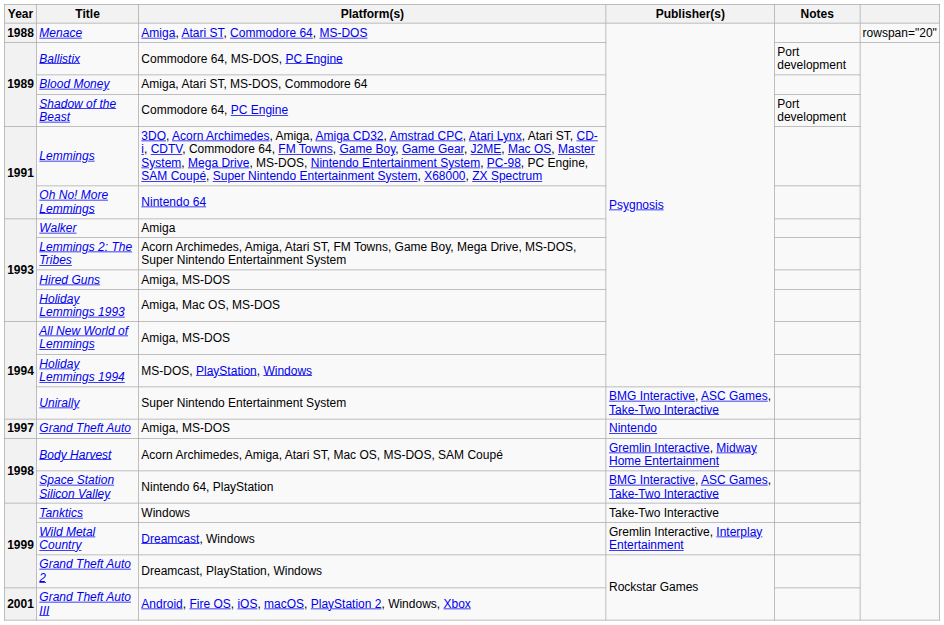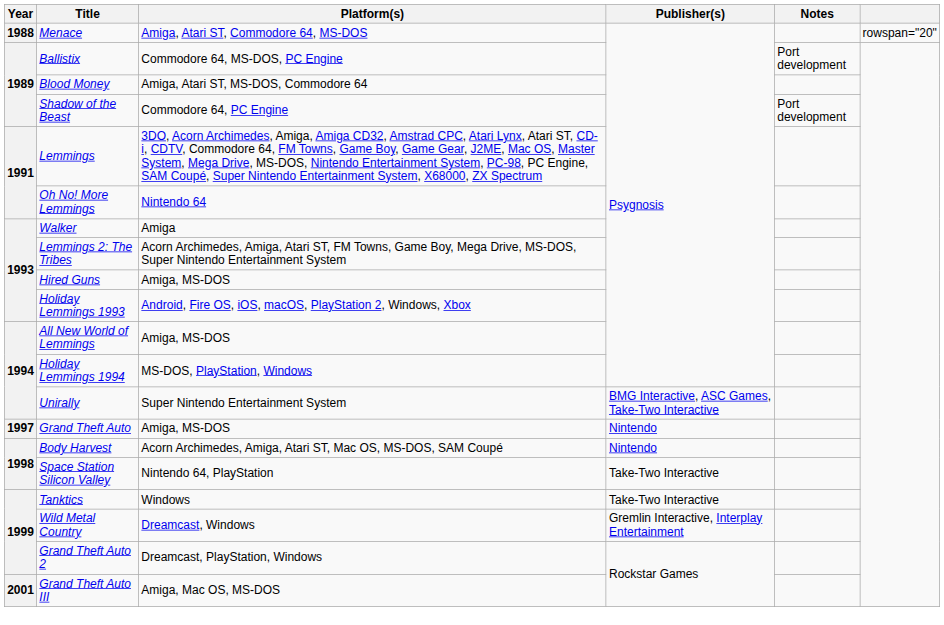 <table class="wikitable sortable plainrowheaders">
 <tr>
 <th scope="col">Year</th>
 <th scope="col">Title</th>
 <th scope="col" width="50%">Platform(s)</th>
 <th scope="col">Publisher(s)</th>
 <th scope="col" class="unsortable">Notes</th>
 <th scope="col" class="unsortable"></th>
 </tr>
 <tr>
 <th scope="row">1988</th>
 <td><em><a href='#'>Menace</a></em></td>
 <td><a href='#'>Amiga</a>, <a href='#'>Atari ST</a>, <a href='#'>Commodore 64</a>, <a href='#'>MS-DOS</a></td>
 <td rowspan="12"><a href='#'>Psygnosis</a></td>
 <td></td>
 <td>rowspan="20" </td>
 </tr>
 <tr>
 <th scope="row" rowspan="3">1989</th>
 <td><em><a href='#'>Ballistix</a></em></td>
 <td>Commodore 64, MS-DOS, <a href='#'>PC Engine</a></td>
 <td>Port development</td>
 </tr>
 <tr>
 <td><em><a href='#'>Blood Money</a></em></td>
 <td>Amiga, Atari ST, MS-DOS, Commodore 64</td>
 <td></td>
 </tr>
 <tr>
 <td><em><a href='#'>Shadow of the Beast</a></em></td>
 <td>Commodore 64, <a href='#'>PC Engine</a></td>
 <td>Port development</td>
 </tr>
 <tr>
 <th scope="row" rowspan="2">1991</th>
 <td><em><a href='#'>Lemmings</a></em></td>
 <td><a href='#'>3DO</a>, <a href='#'>Acorn Archimedes</a>, Amiga, <a href='#'>Amiga CD32</a>, <a href='#'>Amstrad CPC</a>, <a href='#'>Atari Lynx</a>, Atari ST, <a href='#'>CD-i</a>, <a href='#'>CDTV</a>, Commodore 64, <a href='#'>FM Towns</a>, <a href='#'>Game Boy</a>, <a href='#'>Game Gear</a>, <a href='#'>J2ME</a>, <a href='#'>Mac OS</a>, <a href='#'>Master System</a>, <a href='#'>Mega Drive</a>, MS-DOS, <a href='#'>Nintendo Entertainment System</a>, <a href='#'>PC-98</a>, PC Engine, <a href='#'>SAM Coupé</a>, <a href='#'>Super Nintendo Entertainment System</a>, <a href='#'>X68000</a>, <a href='#'>ZX Spectrum</a></td>
 <td></td>
 </tr>
 <tr>
 <td><em><a href='#'>Oh No! More Lemmings</a></em></td>
 <td><a href='#'>Nintendo 64</a></td>
 <td></td>
 </tr>
 <tr>
 <th scope="row" rowspan="4">1993</th>
 <td><em><a href='#'>Walker</a></em></td>
 <td>Amiga</td>
 <td></td>
 </tr>
 <tr>
 <td><em><a href='#'>Lemmings 2: The Tribes</a></em></td>
 <td>Acorn Archimedes, Amiga, Atari ST, FM Towns, Game Boy, Mega Drive, MS-DOS, Super Nintendo Entertainment System</td>
 <td></td>
 </tr>
 <tr>
 <td><em><a href='#'>Hired Guns</a></em></td>
 <td>Amiga, MS-DOS</td>
 <td></td>
 </tr>
 <tr>
 <td><em><a href='#'>Holiday Lemmings 1993</a></em></td>
-<td>Amiga, Mac OS, MS-DOS</td>
+<td><a href='#'>Android</a>, <a href='#'>Fire OS</a>, <a href='#'>iOS</a>, <a href='#'>macOS</a>, <a href='#'>PlayStation 2</a>, Windows, <a href='#'>Xbox</a></td>
 <td></td>
 </tr>
 <tr>
 <th scope="row" rowspan="3">1994</th>
 <td><em><a href='#'>All New World of Lemmings</a></em></td>
 <td>Amiga, MS-DOS</td>
 <td></td>
 </tr>
 <tr>
 <td><em><a href='#'>Holiday Lemmings 1994</a></em></td>
 <td>MS-DOS, <a href='#'>PlayStation</a>, <a href='#'>Windows</a></td>
 <td></td>
 </tr>
 <tr>
 <td><em><a href='#'>Unirally</a></em></td>
 <td>Super Nintendo Entertainment System</td>
 <td><a href='#'>BMG Interactive</a>, <a href='#'>ASC Games</a>, <a href='#'>Take-Two Interactive</a></td>
 <td></td>
 </tr>
 <tr>
 <th scope="row">1997</th>
 <td><em><a href='#'>Grand Theft Auto</a></em></td>
 <td>Amiga, MS-DOS</td>
 <td><a href='#'>Nintendo</a></td>
 <td></td>
 </tr>
 <tr>
 <th scope="row" rowspan="2">1998</th>
 <td><em><a href='#'>Body Harvest</a></em></td>
 <td>Acorn Archimedes, Amiga, Atari ST, Mac OS, MS-DOS, SAM Coupé</td>
-<td><a href='#'>Gremlin Interactive</a>, <a href='#'>Midway Home Entertainment</a></td>
+<td><a href='#'>Nintendo</a></td>
 <td></td>
 </tr>
 <tr>
 <td><em><a href='#'>Space Station Silicon Valley</a></em></td>
 <td>Nintendo 64, PlayStation</td>
-<td><a href='#'>BMG Interactive</a>, <a href='#'>ASC Games</a>, <a href='#'>Take-Two Interactive</a></td>
+<td>Take-Two Interactive</td>
 <td></td>
 </tr>
 <tr>
 <th scope="row" rowspan="3">1999</th>
 <td><em><a href='#'>Tanktics</a></em></td>
 <td>Windows</td>
 <td>Take-Two Interactive</td>
 <td></td>
 </tr>
 <tr>
 <td><em><a href='#'>Wild Metal Country</a></em></td>
 <td><a href='#'>Dreamcast</a>, Windows</td>
 <td>Gremlin Interactive, <a href='#'>Interplay Entertainment</a></td>
 <td></td>
 </tr>
 <tr>
 <td><em><a href='#'>Grand Theft Auto 2</a></em></td>
 <td>Dreamcast, PlayStation, Windows</td>
 <td rowspan="2">Rockstar Games</td>
 <td></td>
 </tr>
 <tr>
 <th scope="row">2001</th>
 <td><em><a href='#'>Grand Theft Auto III</a></em></td>
-<td><a href='#'>Android</a>, <a href='#'>Fire OS</a>, <a href='#'>iOS</a>, <a href='#'>macOS</a>, <a href='#'>PlayStation 2</a>, Windows, <a href='#'>Xbox</a></td>
+<td>Amiga, Mac OS, MS-DOS</td>
 <td></td>
 </tr>
 </table>
